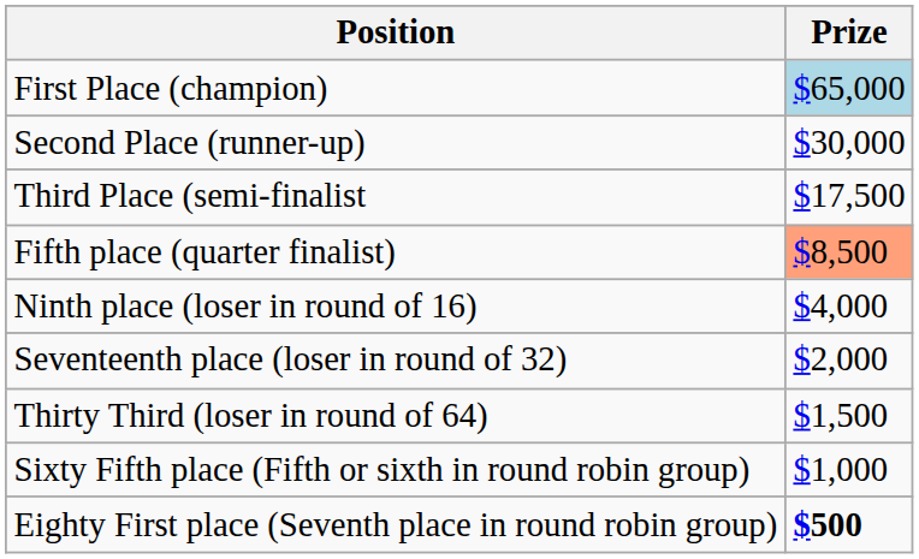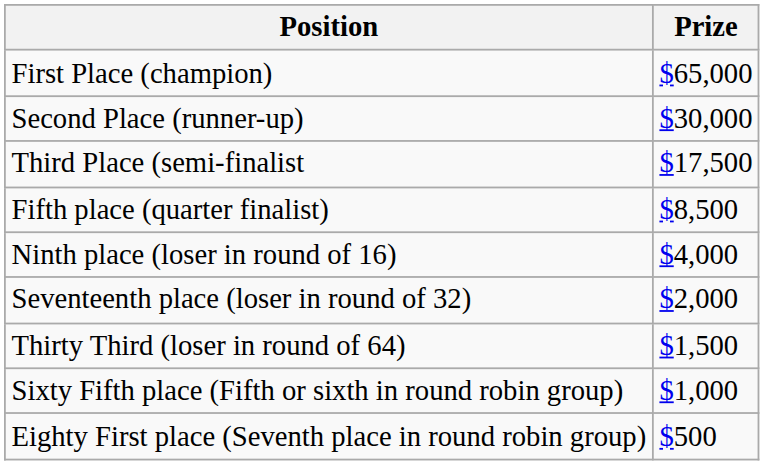 <table class="wikitable">
 <tr>
 <th>Position</th>
 <th>Prize</th>
 </tr>
 <tr>
 <td>First Place (champion)</td>
-<td style="background: lightblue;"><a href='#'>$</a>65,000</td>
+<td><a href='#'>$</a>65,000</td>
 </tr>
 <tr>
 <td>Second Place (runner-up)</td>
 <td><a href='#'>$</a>30,000</td>
 </tr>
 <tr>
 <td>Third Place (semi-finalist</td>
 <td><a href='#'>$</a>17,500</td>
 </tr>
 <tr>
 <td>Fifth place (quarter finalist)</td>
-<td style="background: lightsalmon;"><a href='#'>$</a>8,500</td>
+<td><a href='#'>$</a>8,500</td>
 </tr>
 <tr>
 <td>Ninth place (loser in round of 16)</td>
 <td><a href='#'>$</a>4,000</td>
 </tr>
 <tr>
 <td>Seventeenth place (loser in round of 32)</td>
 <td><a href='#'>$</a>2,000</td>
 </tr>
 <tr>
 <td>Thirty Third (loser in round of 64)</td>
 <td><a href='#'>$</a>1,500</td>
 </tr>
 <tr>
 <td>Sixty Fifth place (Fifth or sixth in round robin group)</td>
 <td><a href='#'>$</a>1,000</td>
 </tr>
 <tr>
 <td>Eighty First place (Seventh place in round robin group)</td>
-<td><strong><a href='#'>$</a>500</strong></td>
+<td><a href='#'>$</a>500</td>
 </tr>
 </table>
